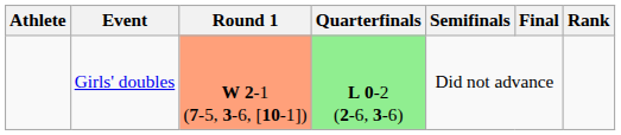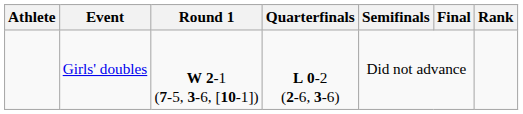 <table class=wikitable style="font-size:90%">
 <tr>
 <th>Athlete</th>
 <th>Event</th>
 <th>Round 1</th>
 <th>Quarterfinals</th>
 <th>Semifinals</th>
 <th>Final</th>
 <th>Rank</th>
 </tr>
 <tr>
 <td> <br></td>
 <td><a href='#'>Girls' doubles</a></td>
-<td align=center style="background: lightsalmon;"><br><br><strong>W</strong> <strong>2</strong>-1<br> (<strong>7</strong>-5, <strong>3</strong>-6, [<strong>10</strong>-1])</td>
-<td align=center style="background: lightgreen;"><br><br><strong>L</strong> <strong>0</strong>-2<br> (<strong>2</strong>-6, <strong>3</strong>-6)</td>
+<td align=center><br><br><strong>W</strong> <strong>2</strong>-1<br> (<strong>7</strong>-5, <strong>3</strong>-6, [<strong>10</strong>-1])</td>
+<td align=center><br><br><strong>L</strong> <strong>0</strong>-2<br> (<strong>2</strong>-6, <strong>3</strong>-6)</td>
 <td colspan=2 align=center>Did not advance</td>
 <td align=center></td>
 </tr>
 </table>
